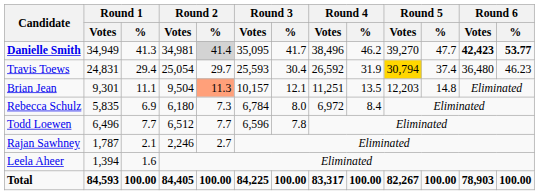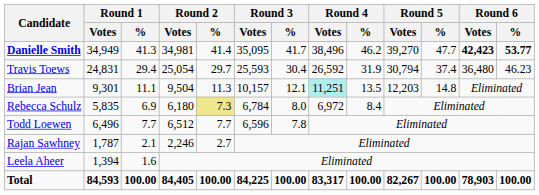 <table class="wikitable">
 <tr>
 <th rowspan=2>Candidate</th>
 <th colspan=2>Round 1</th>
 <th colspan=2>Round 2</th>
 <th colspan=2>Round 3</th>
 <th colspan=2>Round 4</th>
 <th colspan=2>Round 5</th>
 <th colspan=2>Round 6</th>
 </tr>
 <tr>
 <th>Votes</th>
 <th>%</th>
 <th>Votes</th>
 <th>%</th>
 <th>Votes</th>
 <th>%</th>
 <th>Votes</th>
 <th>%</th>
 <th>Votes</th>
 <th>%</th>
 <th>Votes</th>
 <th>%</th>
 </tr>
 <tr>
 <td><strong><a href='#'>Danielle Smith</a></strong></td>
 <td style="text-align:right">34,949</td>
 <td style="text-align:right">41.3</td>
 <td style="text-align:right">34,981</td>
-<td style="background: lightgrey; text-align:right">41.4</td>
+<td style="text-align:right">41.4</td>
 <td style="text-align:right">35,095</td>
 <td style="text-align:right">41.7</td>
 <td style="text-align:right">38,496</td>
 <td style="text-align:right">46.2</td>
 <td style="text-align:right">39,270</td>
 <td style="text-align:right">47.7</td>
 <td style="text-align:right"><strong>42,423</strong></td>
 <td style="text-align:right"><strong>53.77</strong></td>
 </tr>
 <tr>
 <td><a href='#'>Travis Toews</a></td>
 <td style="text-align:right">24,831</td>
 <td style="text-align:right">29.4</td>
 <td style="text-align:right">25,054</td>
 <td style="text-align:right">29.7</td>
 <td style="text-align:right">25,593</td>
 <td style="text-align:right">30.4</td>
 <td style="text-align:right">26,592</td>
 <td style="text-align:right">31.9</td>
-<td style="background: gold; text-align:right">30,794</td>
+<td style="text-align:right">30,794</td>
 <td style="text-align:right">37.4</td>
 <td style="text-align:right">36,480</td>
 <td style="text-align:right">46.23</td>
 </tr>
 <tr>
 <td><a href='#'>Brian Jean</a></td>
 <td style="text-align:right">9,301</td>
 <td style="text-align:right">11.1</td>
 <td style="text-align:right">9,504</td>
-<td style="background: lightsalmon; text-align:right">11.3</td>
+<td style="text-align:right">11.3</td>
 <td style="text-align:right">10,157</td>
 <td style="text-align:right">12.1</td>
-<td style="text-align:right">11,251</td>
+<td style="background: paleturquoise; text-align:right">11,251</td>
 <td style="text-align:right">13.5</td>
 <td style="text-align:right">12,203</td>
 <td style="text-align:right">14.8</td>
 <td colspan="2" style="text-align:center"><em>Eliminated</em></td>
 </tr>
 <tr>
 <td><a href='#'>Rebecca Schulz</a></td>
 <td style="text-align:right">5,835</td>
 <td style="text-align:right">6.9</td>
 <td style="text-align:right">6,180</td>
-<td style="text-align:right">7.3</td>
+<td style="background: khaki; text-align:right">7.3</td>
 <td style="text-align:right">6,784</td>
 <td style="text-align:right">8.0</td>
 <td style="text-align:right">6,972</td>
 <td style="text-align:right">8.4</td>
 <td colspan="4" style="text-align:center"><em>Eliminated</em></td>
 </tr>
 <tr>
 <td><a href='#'>Todd Loewen</a></td>
 <td style="text-align:right">6,496</td>
 <td style="text-align:right">7.7</td>
 <td style="text-align:right">6,512</td>
 <td style="text-align:right">7.7</td>
 <td style="text-align:right">6,596</td>
 <td style="text-align:right">7.8</td>
 <td colspan="6" style="text-align:center"><em>Eliminated</em></td>
 </tr>
 <tr>
 <td><a href='#'>Rajan Sawhney</a></td>
 <td style="text-align:right">1,787</td>
 <td style="text-align:right">2.1</td>
 <td style="text-align:right">2,246</td>
 <td style="text-align:right">2.7</td>
 <td colspan="8" style="text-align:center"><em>Eliminated</em></td>
 </tr>
 <tr>
 <td><a href='#'>Leela Aheer</a></td>
 <td style="text-align:right">1,394</td>
 <td style="text-align:right">1.6</td>
 <td colspan="10" style="text-align:center"><em>Eliminated</em></td>
 </tr>
 <tr>
 <td><strong>Total</strong></td>
 <td style="text-align:right"><strong>84,593</strong></td>
 <td style="text-align:right"><strong>100.00</strong></td>
 <td style="text-align:right"><strong>84,405</strong></td>
 <td style="text-align:right"><strong>100.00</strong></td>
 <td style="text-align:right"><strong>84,225</strong></td>
 <td style="text-align:right"><strong>100.00</strong></td>
 <td style="text-align:right"><strong>83,317</strong></td>
 <td style="text-align:right"><strong>100.00</strong></td>
 <td style="text-align:right"><strong>82,267</strong></td>
 <td style="text-align:right"><strong>100.00</strong></td>
 <td style="text-align:right"><strong>78,903</strong></td>
 <td style="text-align:right"><strong>100.00</strong></td>
 </tr>
 </table>
